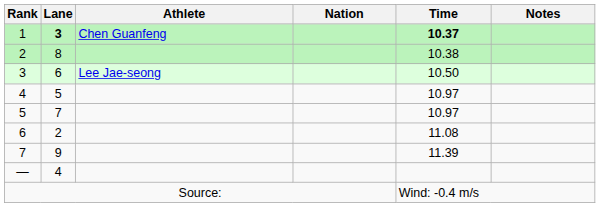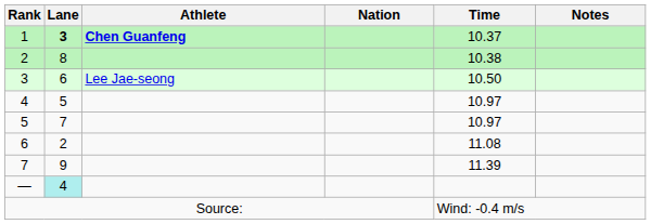 <table class="wikitable sortable" style="text-align:center;width: 60%;">
 <tr>
 <th scope="col" style="width: 10px;">Rank</th>
 <th scope="col" style="width: 10px;">Lane</th>
 <th scope="col">Athlete</th>
 <th scope="col">Nation</th>
 <th scope="col">Time</th>
 <th scope="col">Notes</th>
 </tr>
 <tr bgcolor=bbf3bb>
 <td>1</td>
 <td><strong>3</strong></td>
-<td align=left><a href='#'>Chen Guanfeng</a></td>
+<td align=left><strong><a href='#'>Chen Guanfeng</a></strong></td>
 <td align=left></td>
-<td><strong>10.37</strong></td>
+<td>10.37</td>
 <td></td>
 </tr>
 <tr bgcolor=bbf3bb>
 <td>2</td>
 <td>8</td>
 <td align=left></td>
 <td align=left></td>
 <td>10.38</td>
 <td></td>
 </tr>
 <tr bgcolor=ddffdd>
 <td>3</td>
 <td>6</td>
 <td align=left><a href='#'>Lee Jae-seong</a></td>
 <td align=left></td>
 <td>10.50</td>
 <td></td>
 </tr>
 <tr>
 <td>4</td>
 <td>5</td>
 <td align=left></td>
 <td align=left></td>
 <td>10.97</td>
 <td></td>
 </tr>
 <tr>
 <td>5</td>
 <td>7</td>
 <td align=left></td>
 <td align=left></td>
 <td>10.97</td>
 <td></td>
 </tr>
 <tr>
 <td>6</td>
 <td>2</td>
 <td align=left></td>
 <td align=left></td>
 <td>11.08</td>
 <td></td>
 </tr>
 <tr>
 <td>7</td>
 <td>9</td>
 <td align=left></td>
 <td align=left></td>
 <td>11.39</td>
 <td></td>
 </tr>
 <tr>
 <td>—</td>
-<td>4</td>
+<td style="background: paleturquoise;">4</td>
 <td align=left></td>
 <td align=left></td>
 <td></td>
 <td></td>
 </tr>
 <tr class="sortbottom">
 <td colspan="4">Source:</td>
 <td colspan="2" style="text-align:left;">Wind: -0.4 m/s</td>
 </tr>
 </table>
